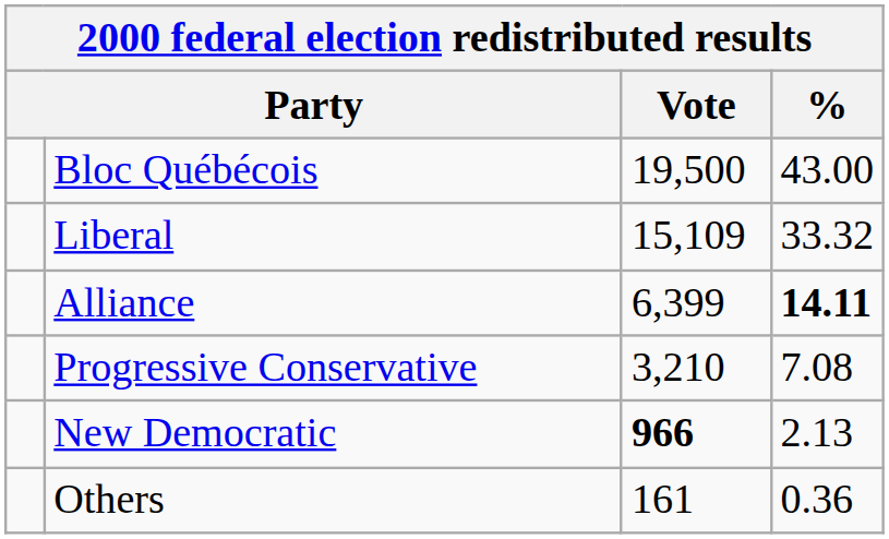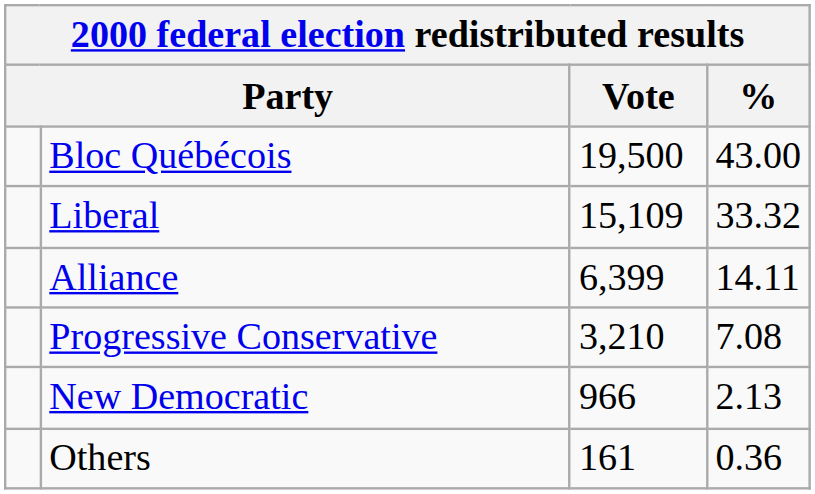 <table class="wikitable">
 <tr>
 <th colspan="4"><a href='#'>2000 federal election</a> redistributed results</th>
 </tr>
 <tr>
 <th bgcolor="#DDDDFF" width="230px" colspan="2">Party</th>
 <th bgcolor="#DDDDFF" width="50px">Vote</th>
 <th bgcolor="#DDDDFF" width="30px">%</th>
 </tr>
 <tr>
 <td> </td>
 <td><a href='#'>Bloc Québécois</a></td>
 <td>19,500</td>
 <td>43.00</td>
 </tr>
 <tr>
 <td> </td>
 <td><a href='#'>Liberal</a></td>
 <td>15,109</td>
 <td>33.32</td>
 </tr>
 <tr>
 <td> </td>
 <td><a href='#'>Alliance</a></td>
 <td>6,399</td>
-<td><strong>14.11</strong></td>
+<td>14.11</td>
 </tr>
 <tr>
 <td> </td>
 <td><a href='#'>Progressive Conservative</a></td>
 <td>3,210</td>
 <td>7.08</td>
 </tr>
 <tr>
 <td> </td>
 <td><a href='#'>New Democratic</a></td>
-<td><strong>966</strong></td>
+<td>966</td>
 <td>2.13</td>
 </tr>
 <tr>
 <td> </td>
 <td>Others</td>
 <td>161</td>
 <td>0.36</td>
 </tr>
 </table>
